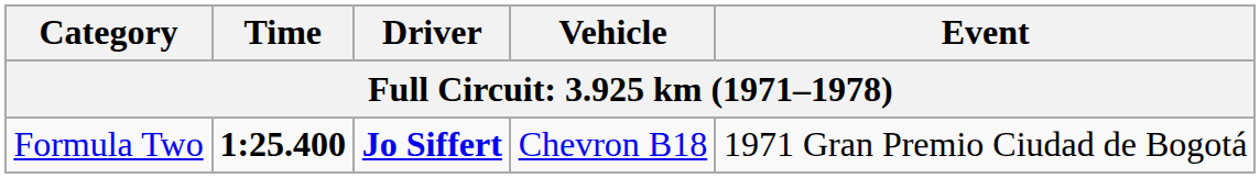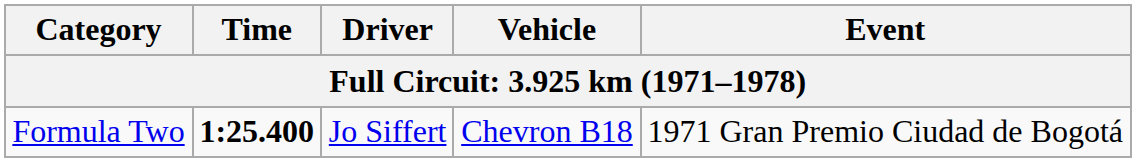 <table class="wikitable">
 <tr>
 <th>Category</th>
 <th>Time</th>
 <th>Driver</th>
 <th>Vehicle</th>
 <th>Event</th>
 </tr>
 <tr>
 <th colspan=5>Full Circuit: 3.925 km (1971–1978)</th>
 </tr>
 <tr>
 <td><a href='#'>Formula Two</a></td>
 <td><strong>1:25.400</strong></td>
-<td><strong><a href='#'>Jo Siffert</a></strong></td>
+<td><a href='#'>Jo Siffert</a></td>
 <td><a href='#'>Chevron B18</a></td>
 <td>1971 Gran Premio Ciudad de Bogotá</td>
 </tr>
 <tr>
 </tr>
 </table>
